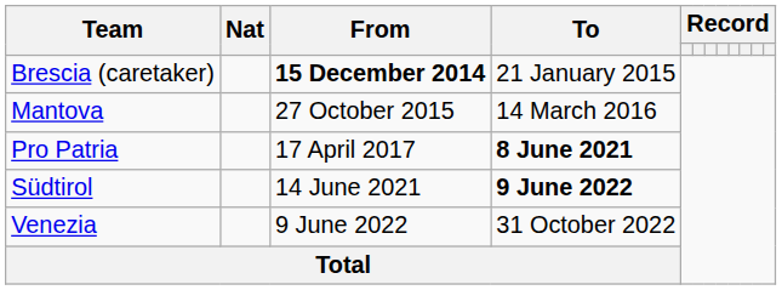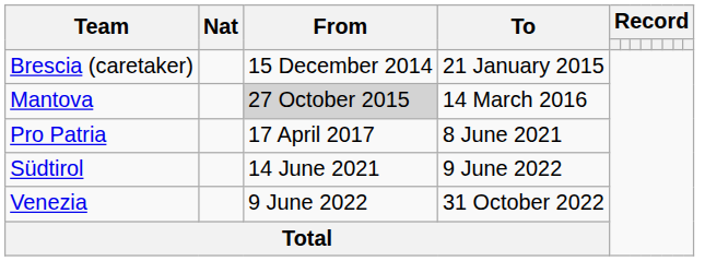 <table class="wikitable" style="text-align: center">
 <tr>
 <th rowspan="2">Team</th>
 <th rowspan="2">Nat</th>
 <th rowspan="2">From</th>
 <th rowspan="2">To</th>
 <th colspan="8">Record</th>
 </tr>
 <tr>
 <th></th>
 <th></th>
 <th></th>
 <th></th>
 <th></th>
 <th></th>
 <th></th>
 <th></th>
 </tr>
 <tr>
 <td align=left><a href='#'>Brescia</a> (caretaker)</td>
 <td></td>
-<td align=left><strong>15 December 2014</strong></td>
+<td align=left>15 December 2014</td>
 <td align=left>21 January 2015<br></td>
 </tr>
 <tr>
 <td align=left><a href='#'>Mantova</a></td>
 <td></td>
-<td align=left>27 October 2015</td>
+<td align=left style="background: lightgrey;">27 October 2015</td>
 <td align=left>14 March 2016<br></td>
 </tr>
 <tr>
 <td align=left><a href='#'>Pro Patria</a></td>
 <td></td>
 <td align=left>17 April 2017</td>
-<td align=left><strong>8 June 2021<br></strong></td>
+<td align=left>8 June 2021<br></td>
 </tr>
 <tr>
 <td align=left><a href='#'>Südtirol</a></td>
 <td></td>
 <td align=left>14 June 2021</td>
-<td align=left><strong>9 June 2022<br></strong></td>
+<td align=left>9 June 2022<br></td>
 </tr>
 <tr>
 <td align=left><a href='#'>Venezia</a></td>
 <td></td>
 <td align=left>9 June 2022</td>
 <td align=left>31 October 2022<br></td>
 </tr>
 <tr>
 <th colspan="4">Total<br></th>
 </tr>
 </table>
